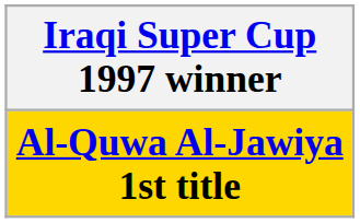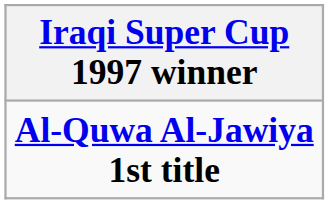 <table class="wikitable" style="text-align: center; margin: 0 auto;">
 <tr>
 <th><a href='#'>Iraqi Super Cup</a><br>1997 winner</th>
 </tr>
 <tr>
-<td style="background: gold;"><strong><a href='#'>Al-Quwa Al-Jawiya</a></strong><br><strong>1st title</strong></td>
+<td><strong><a href='#'>Al-Quwa Al-Jawiya</a></strong><br><strong>1st title</strong></td>
 </tr>
 </table>
